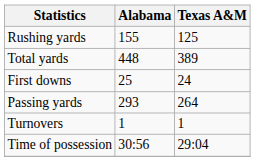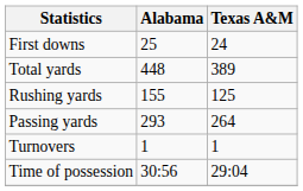 <table class="wikitable" style="float: left;">
 <tr>
 <th>Statistics</th>
 <th>Alabama</th>
 <th>Texas A&M</th>
 </tr>
 <tr>
-<td>Rushing yards</td>
-<td>155</td>
-<td>125</td>
+<td>First downs</td>
+<td>25</td>
+<td>24</td>
 </tr>
 <tr>
 <td>Total yards</td>
 <td>448</td>
 <td>389</td>
 </tr>
 <tr>
-<td>First downs</td>
-<td>25</td>
-<td>24</td>
+<td>Rushing yards</td>
+<td>155</td>
+<td>125</td>
 </tr>
 <tr>
 <td>Passing yards</td>
 <td>293</td>
 <td>264</td>
 </tr>
 <tr>
 <td>Turnovers</td>
 <td>1</td>
 <td>1</td>
 </tr>
 <tr>
 <td>Time of possession</td>
 <td>30:56</td>
 <td>29:04</td>
 </tr>
 <tr>
 </tr>
 </table>
